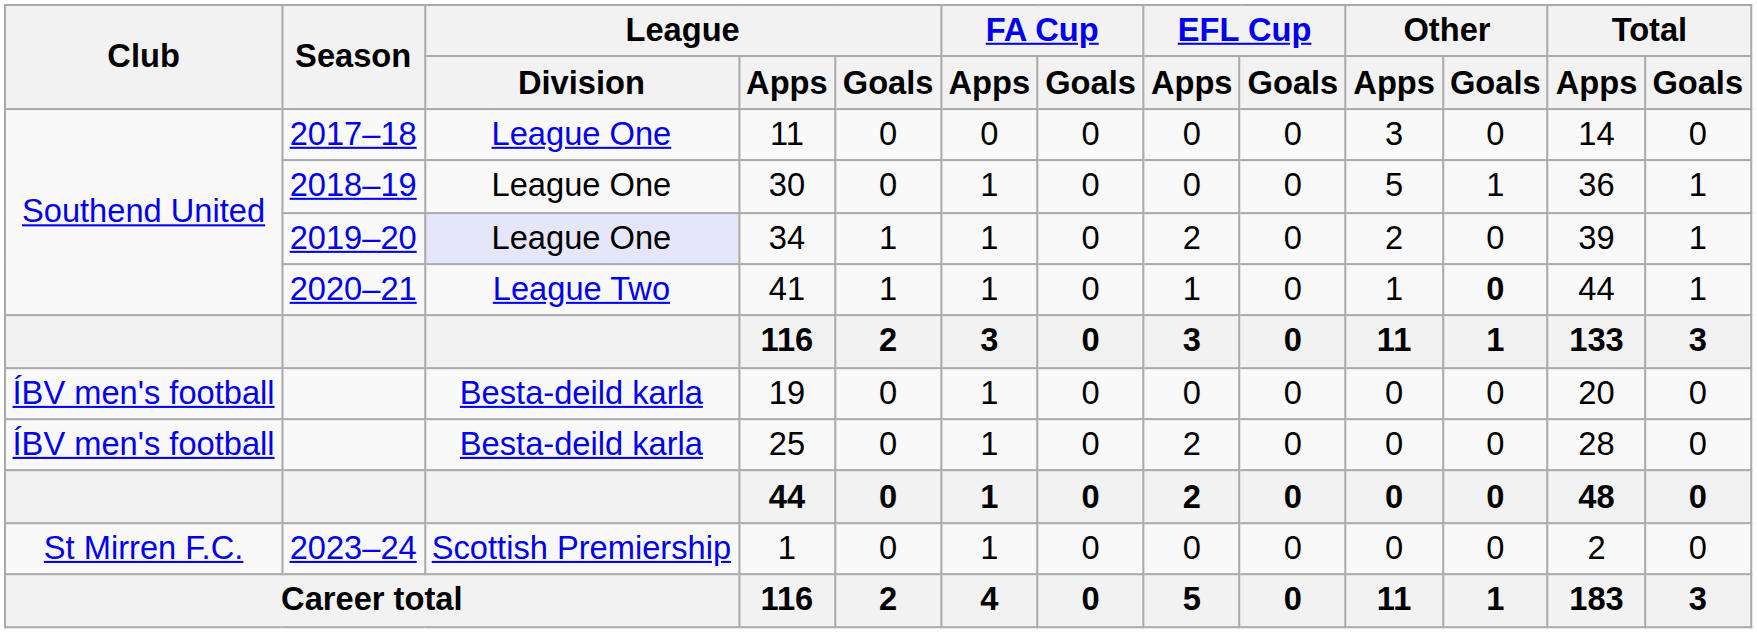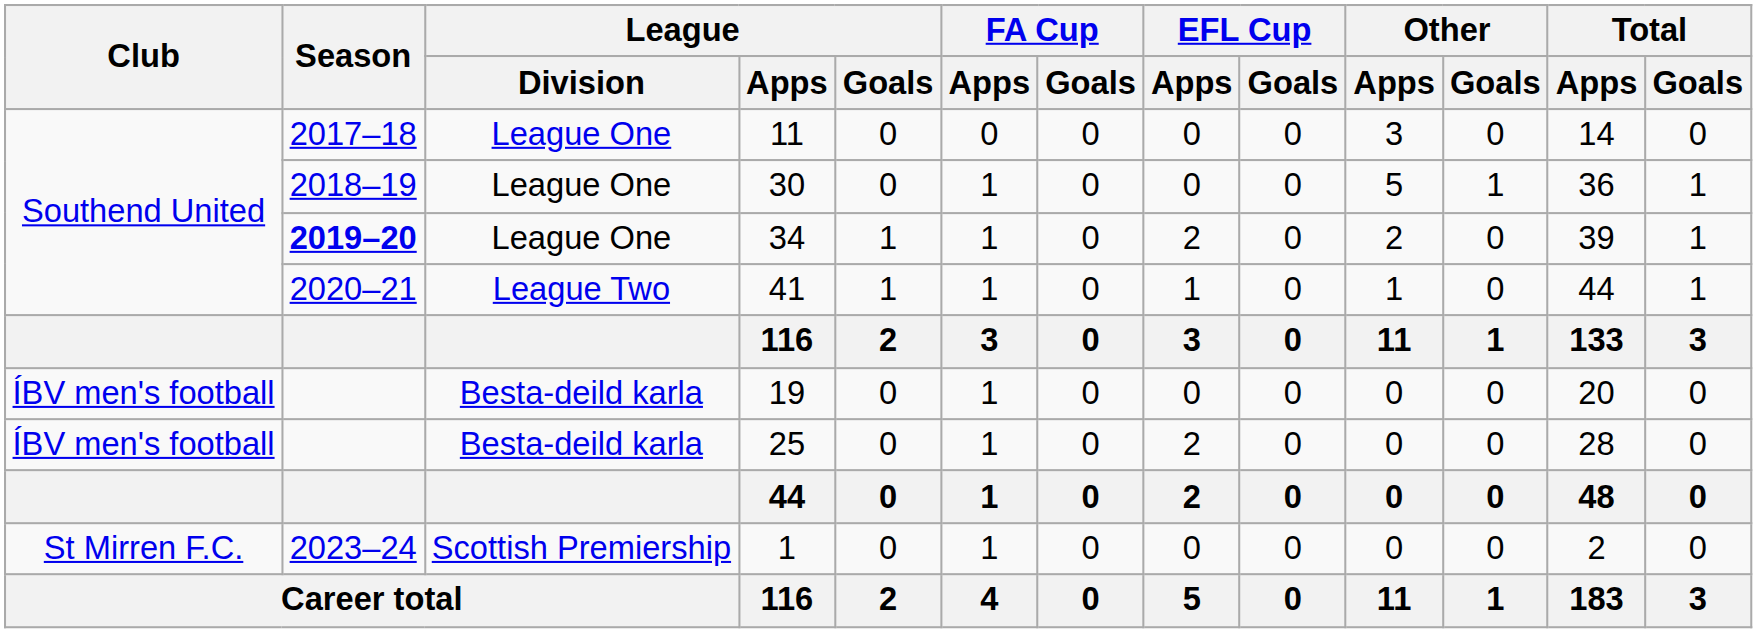 <table class=wikitable style="text-align: center">
 <tr>
 <th rowspan=2>Club</th>
 <th rowspan=2>Season</th>
 <th colspan=3>League</th>
 <th colspan=2><a href='#'>FA Cup</a></th>
 <th colspan=2><a href='#'>EFL Cup</a></th>
 <th colspan=2>Other</th>
 <th colspan=2>Total</th>
 </tr>
 <tr>
 <th>Division</th>
 <th>Apps</th>
 <th>Goals</th>
 <th>Apps</th>
 <th>Goals</th>
 <th>Apps</th>
 <th>Goals</th>
 <th>Apps</th>
 <th>Goals</th>
 <th>Apps</th>
 <th>Goals</th>
 </tr>
 <tr>
 <td rowspan=4><a href='#'>Southend United</a></td>
 <td><a href='#'>2017–18</a></td>
 <td><a href='#'>League One</a></td>
 <td>11</td>
 <td>0</td>
 <td>0</td>
 <td>0</td>
 <td>0</td>
 <td>0</td>
 <td>3</td>
 <td>0</td>
 <td>14</td>
 <td>0</td>
 </tr>
 <tr>
 <td><a href='#'>2018–19</a></td>
 <td>League One</td>
 <td>30</td>
 <td>0</td>
 <td>1</td>
 <td>0</td>
 <td>0</td>
 <td>0</td>
 <td>5</td>
 <td>1</td>
 <td>36</td>
 <td>1</td>
 </tr>
 <tr>
-<td><a href='#'>2019–20</a></td>
-<td style="background: lavender;">League One</td>
+<td><strong><a href='#'>2019–20</a></strong></td>
+<td>League One</td>
 <td>34</td>
 <td>1</td>
 <td>1</td>
 <td>0</td>
 <td>2</td>
 <td>0</td>
 <td>2</td>
 <td>0</td>
 <td>39</td>
 <td>1</td>
 </tr>
 <tr>
 <td><a href='#'>2020–21</a></td>
 <td><a href='#'>League Two</a></td>
 <td>41</td>
 <td>1</td>
 <td>1</td>
 <td>0</td>
 <td>1</td>
 <td>0</td>
 <td>1</td>
-<td><strong>0</strong></td>
+<td>0</td>
 <td>44</td>
 <td>1</td>
 </tr>
 <tr>
 <th></th>
 <th></th>
 <th></th>
 <th>116</th>
 <th>2</th>
 <th>3</th>
 <th>0</th>
 <th>3</th>
 <th>0</th>
 <th>11</th>
 <th>1</th>
 <th>133</th>
 <th>3</th>
 </tr>
 <tr>
 <td><a href='#'>ÍBV men's football</a></td>
 <td></td>
 <td><a href='#'>Besta-deild karla</a></td>
 <td>19</td>
 <td>0</td>
 <td>1</td>
 <td>0</td>
 <td>0</td>
 <td>0</td>
 <td>0</td>
 <td>0</td>
 <td>20</td>
 <td>0</td>
 </tr>
 <tr>
 <td><a href='#'>ÍBV men's football</a></td>
 <td></td>
 <td><a href='#'>Besta-deild karla</a></td>
 <td>25</td>
 <td>0</td>
 <td>1</td>
 <td>0</td>
 <td>2</td>
 <td>0</td>
 <td>0</td>
 <td>0</td>
 <td>28</td>
 <td>0</td>
 </tr>
 <tr>
 <th></th>
 <th></th>
 <th></th>
 <th>44</th>
 <th>0</th>
 <th>1</th>
 <th>0</th>
 <th>2</th>
 <th>0</th>
 <th>0</th>
 <th>0</th>
 <th>48</th>
 <th>0</th>
 </tr>
 <tr>
 <td><a href='#'>St Mirren F.C.</a></td>
 <td><a href='#'>2023–24</a></td>
 <td><a href='#'>Scottish Premiership</a></td>
 <td>1</td>
 <td>0</td>
 <td>1</td>
 <td>0</td>
 <td>0</td>
 <td>0</td>
 <td>0</td>
 <td>0</td>
 <td>2</td>
 <td>0</td>
 </tr>
 <tr>
 <th colspan=3>Career total</th>
 <th>116</th>
 <th>2</th>
 <th>4</th>
 <th>0</th>
 <th>5</th>
 <th>0</th>
 <th>11</th>
 <th>1</th>
 <th>183</th>
 <th>3</th>
 </tr>
 </table>
